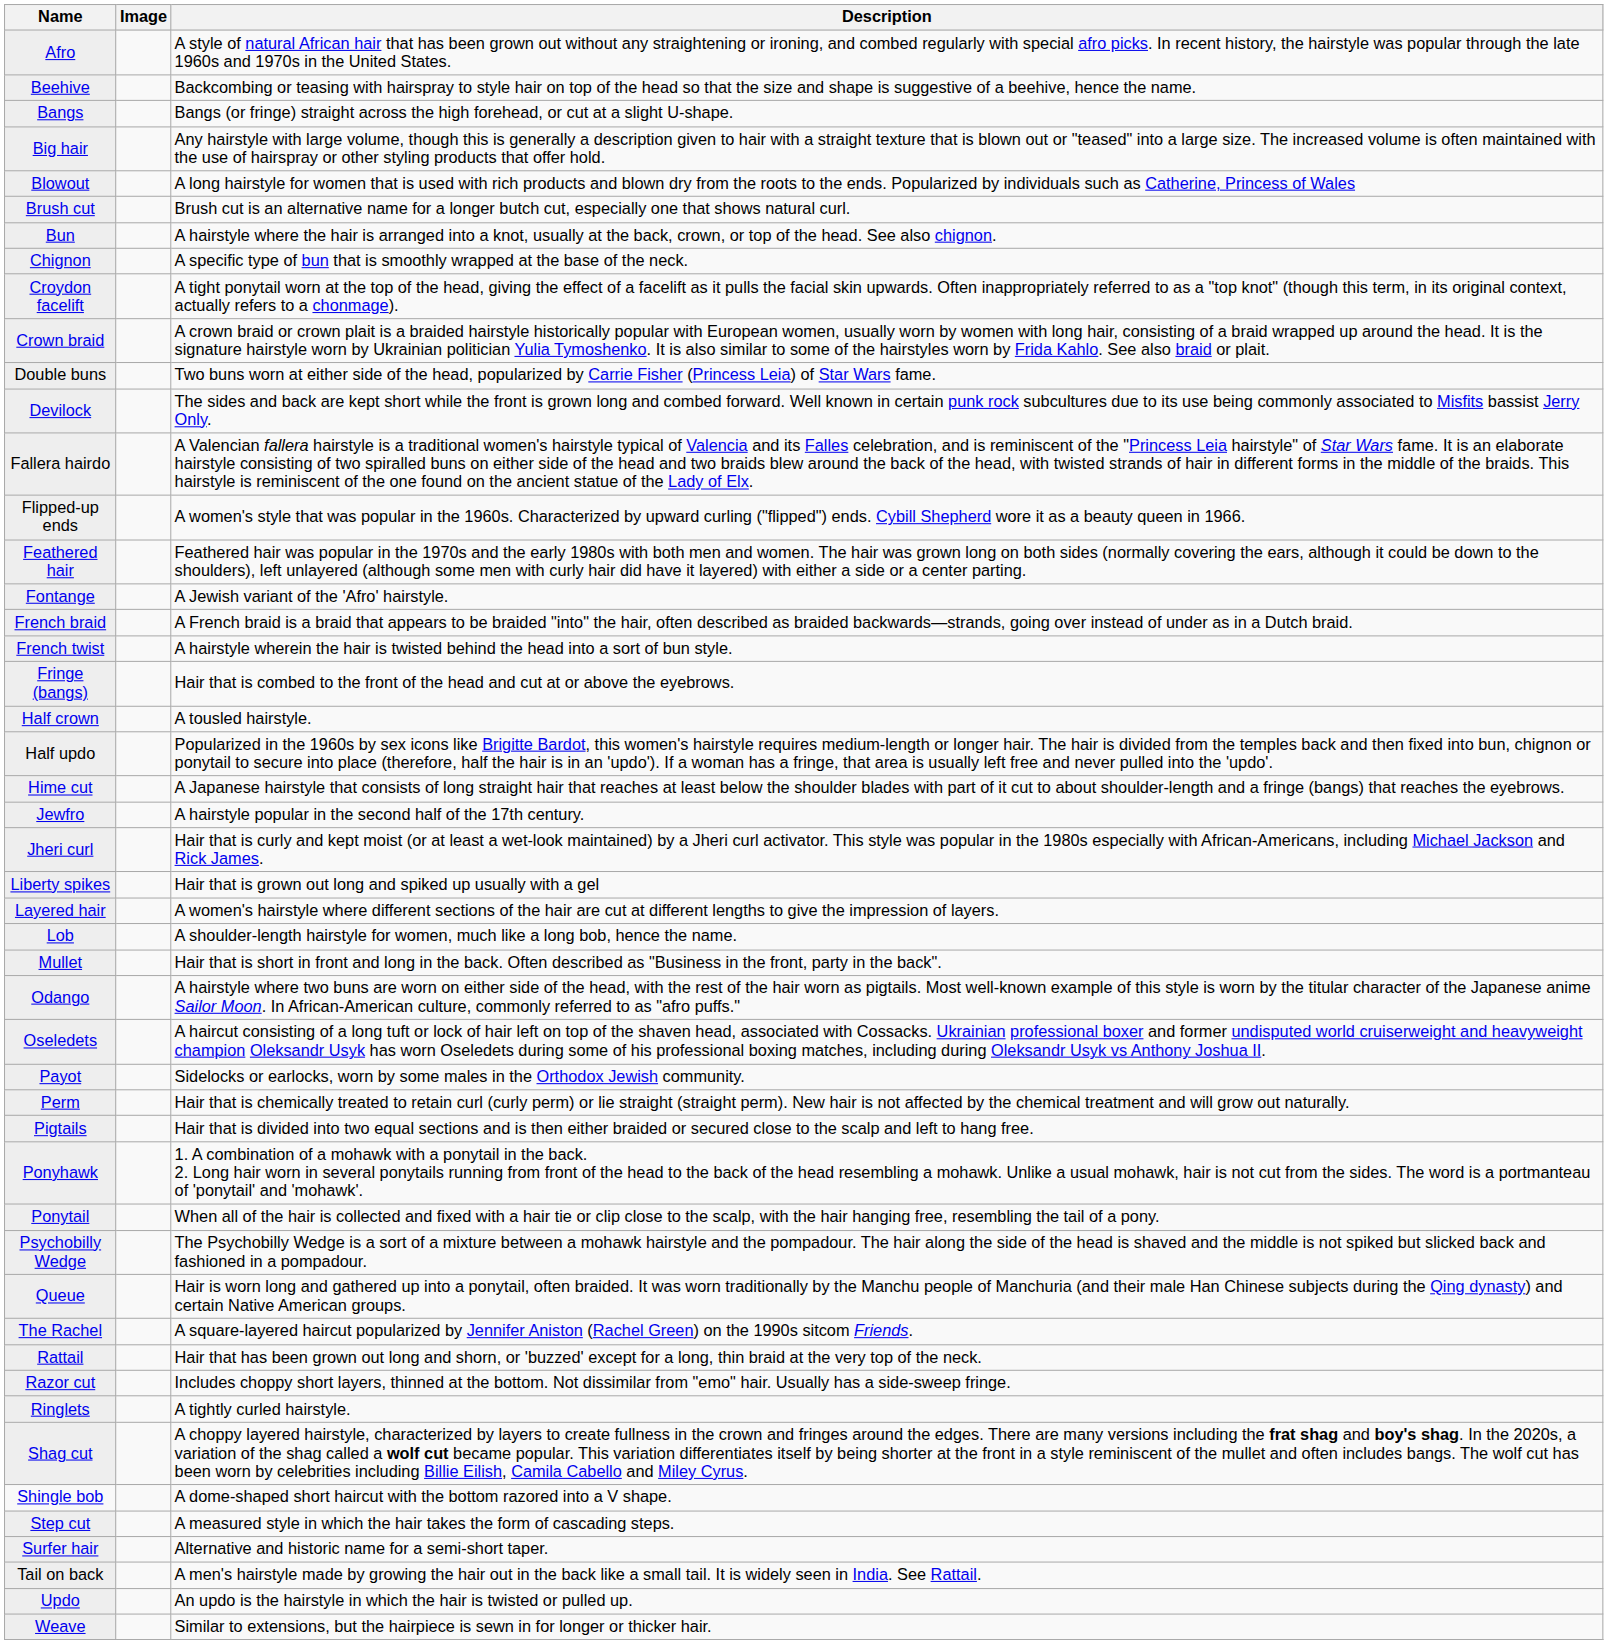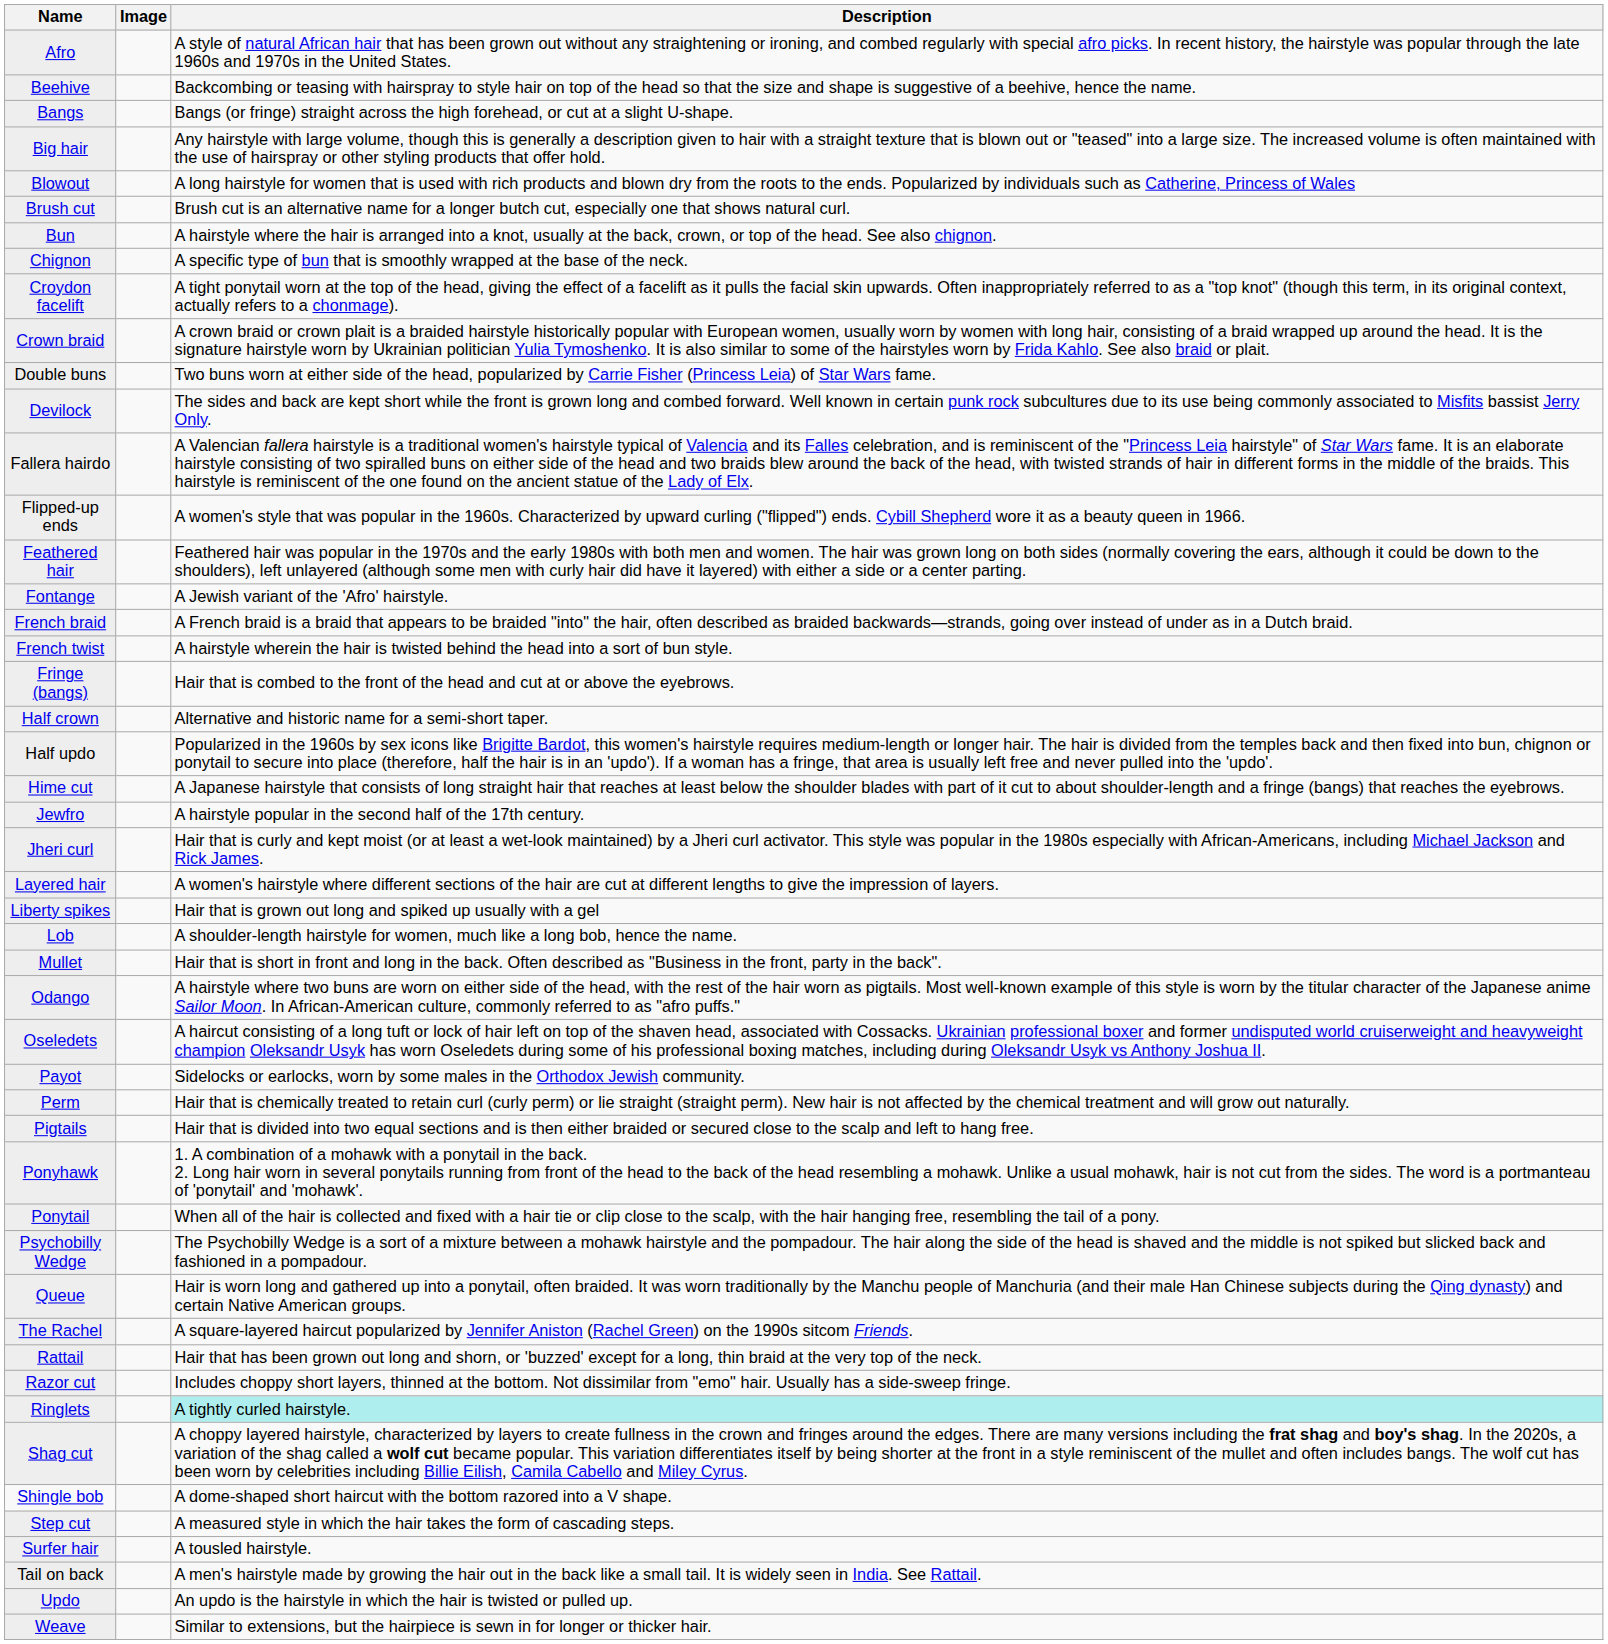 <table class="wikitable" style="text-align: center">
 <tr style="background:#cccccc">
 <th>Name</th>
 <th>Image</th>
 <th>Description</th>
 </tr>
 <tr>
 <td style="background:#eeeeee"><a href='#'>Afro</a></td>
 <td></td>
 <td align=left>A style of <a href='#'>natural African hair</a> that has been grown out without any straightening or ironing, and combed regularly with special <a href='#'>afro picks</a>. In recent history, the hairstyle was popular through the late 1960s and 1970s in the United States.</td>
 </tr>
 <tr>
 <td style="background:#eeeeee"><a href='#'>Beehive</a></td>
 <td></td>
 <td align=left>Backcombing or teasing with hairspray to style hair on top of the head so that the size and shape is suggestive of a beehive, hence the name.</td>
 </tr>
 <tr>
 <td style="background:#eeeeee"><a href='#'>Bangs</a></td>
 <td></td>
 <td align=left>Bangs (or fringe) straight across the high forehead, or cut at a slight U-shape.</td>
 </tr>
 <tr>
 <td style="background:#eeeeee"><a href='#'>Big hair</a></td>
 <td></td>
 <td align=left>Any hairstyle with large volume, though this is generally a description given to hair with a straight texture that is blown out or "teased" into a large size. The increased volume is often maintained with the use of hairspray or other styling products that offer hold.</td>
 </tr>
 <tr>
 <td style="background:#eeeeee"><a href='#'>Blowout</a></td>
 <td></td>
 <td align=left>A long hairstyle for women that is used with rich products and blown dry from the roots to the ends. Popularized by individuals such as <a href='#'>Catherine, Princess of Wales</a></td>
 </tr>
 <tr>
 <td style="background:#eeeeee"><a href='#'>Brush cut</a></td>
 <td></td>
 <td align=left>Brush cut is an alternative name for a longer butch cut, especially one that shows natural curl.</td>
 </tr>
 <tr>
 <td style="background:#eeeeee"><a href='#'>Bun</a></td>
 <td></td>
 <td align=left>A hairstyle where the hair is arranged into a knot, usually at the back, crown, or top of the head. See also <a href='#'>chignon</a>.</td>
 </tr>
 <tr>
 <td style="background:#eeeeee"><a href='#'>Chignon</a></td>
 <td></td>
 <td align=left>A specific type of <a href='#'>bun</a> that is smoothly wrapped at the base of the neck.</td>
 </tr>
 <tr>
 <td style="background:#eeeeee"><a href='#'>Croydon facelift</a></td>
 <td></td>
 <td align=left>A tight ponytail worn at the top of the head, giving the effect of a facelift as it pulls the facial skin upwards. Often inappropriately referred to as a "top knot" (though this term, in its original context, actually refers to a <a href='#'>chonmage</a>).</td>
 </tr>
 <tr id="Crown braid">
 <td style="background:#eeeeee"><a href='#'>Crown braid</a></td>
 <td></td>
 <td align=left>A crown braid or crown plait is a braided hairstyle historically popular with European women, usually worn by women with long hair, consisting of a braid wrapped up around the head. It is the signature hairstyle worn by Ukrainian politician <a href='#'>Yulia Tymoshenko</a>. It is also similar to some of the hairstyles worn by <a href='#'>Frida Kahlo</a>. See also <a href='#'>braid</a> or plait.</td>
 </tr>
 <tr>
 <td style="background:#eeeeee">Double buns</td>
 <td></td>
 <td align=left>Two buns worn at either side of the head, popularized by <a href='#'>Carrie Fisher</a> (<a href='#'>Princess Leia</a>) of <a href='#'>Star Wars</a> fame.</td>
 </tr>
 <tr>
 <td style="background:#eeeeee"><a href='#'>Devilock</a></td>
 <td></td>
 <td align=left>The sides and back are kept short while the front is grown long and combed forward. Well known in certain <a href='#'>punk rock</a> subcultures due to its use being commonly associated to <a href='#'>Misfits</a> bassist <a href='#'>Jerry Only</a>.</td>
 </tr>
 <tr>
 <td style="background:#eeeeee">  Fallera hairdo</td>
 <td></td>
 <td align=left>A Valencian <em>fallera</em> hairstyle is a traditional women's hairstyle typical of <a href='#'>Valencia</a> and its <a href='#'>Falles</a> celebration, and is reminiscent of the "<a href='#'>Princess Leia</a> hairstyle" of <em><a href='#'>Star Wars</a></em> fame. It is an elaborate hairstyle consisting of two spiralled buns on either side of the head and two braids blew around the back of the head, with twisted strands of hair in different forms in the middle of the braids. This hairstyle is reminiscent of the one found on the ancient statue of the <a href='#'>Lady of Elx</a>.</td>
 </tr>
 <tr>
 <td style="background:#eeeeee">Flipped-up ends</td>
 <td></td>
 <td align=left>A women's style that was popular in the 1960s. Characterized by upward curling ("flipped") ends. <a href='#'>Cybill Shepherd</a> wore it as a beauty queen in 1966.</td>
 </tr>
 <tr>
 <td style="background:#eeeeee"><a href='#'>Feathered hair</a></td>
 <td></td>
 <td align="left">Feathered hair was popular in the 1970s and the early 1980s with both men and women. The hair was grown long on both sides (normally covering the ears, although it could be down to the shoulders), left unlayered (although some men with curly hair did have it layered) with either a side or a center parting.</td>
 </tr>
 <tr>
 <td style="background:#eeeeee"><a href='#'>Fontange</a></td>
 <td></td>
 <td align=left>A Jewish variant of the 'Afro' hairstyle.</td>
 </tr>
 <tr>
 <td style="background:#eeeeee"><a href='#'>French braid</a></td>
 <td></td>
 <td align=left>A French braid is a braid that appears to be braided "into" the hair, often described as braided backwards—strands, going over instead of under as in a Dutch braid.</td>
 </tr>
 <tr>
 <td style="background:#eeeeee"><a href='#'>French twist</a></td>
 <td></td>
 <td align=left>A hairstyle wherein the hair is twisted behind the head into a sort of bun style.</td>
 </tr>
 <tr>
 <td style="background:#eeeeee"><a href='#'>Fringe (bangs)</a></td>
 <td></td>
 <td align=left>Hair that is combed to the front of the head and cut at or above the eyebrows.</td>
 </tr>
 <tr>
 <td style="background:#eeeeee"><a href='#'>Half crown</a></td>
 <td></td>
-<td align=left>A tousled hairstyle.</td>
+<td align=left>Alternative and historic name for a semi-short taper.</td>
 </tr>
 <tr>
 <td style="background:#eeeeee">Half updo</td>
 <td></td>
 <td align=left>Popularized in the 1960s by sex icons like <a href='#'>Brigitte Bardot</a>, this women's hairstyle requires medium-length or longer hair. The hair is divided from the temples back and then fixed into bun, chignon or ponytail to secure into place (therefore, half the hair is in an 'updo'). If a woman has a fringe, that area is usually left free and never pulled into the 'updo'.</td>
 </tr>
 <tr>
 <td style="background:#eeeeee"><a href='#'>Hime cut</a></td>
 <td></td>
 <td align=left>A Japanese hairstyle that consists of long straight hair that reaches at least below the shoulder blades with part of it cut to about shoulder-length and a fringe (bangs) that reaches the eyebrows.</td>
 </tr>
 <tr>
 <td style="background:#eeeeee"><a href='#'>Jewfro</a></td>
 <td></td>
 <td align=left>A hairstyle popular in the second half of the 17th century.</td>
 </tr>
 <tr>
 <td style="background:#eeeeee"><a href='#'>Jheri curl</a></td>
 <td></td>
 <td align="left">Hair that is curly and kept moist (or at least a wet-look maintained) by a Jheri curl activator. This style was popular in the 1980s especially with African-Americans, including <a href='#'>Michael Jackson</a> and <a href='#'>Rick James</a>.</td>
 </tr>
 <tr>
+<td style="background:#eeeeee"><a href='#'>Layered hair</a></td>
+<td></td>
+<td align=left>A women's hairstyle where different sections of the hair are cut at different lengths to give the impression of layers.</td>
+</tr>
+<tr>
 <td style="background:#eeeeee"><a href='#'>Liberty spikes</a></td>
 <td></td>
 <td align=left>Hair that is grown out long and spiked up usually with a gel</td>
-</tr>
-<tr>
-<td style="background:#eeeeee"><a href='#'>Layered hair</a></td>
-<td></td>
-<td align=left>A women's hairstyle where different sections of the hair are cut at different lengths to give the impression of layers.</td>
 </tr>
 <tr>
 <td style="background:#eeeeee"><a href='#'>Lob</a></td>
 <td></td>
 <td align=left>A shoulder-length hairstyle for women, much like a long bob, hence the name.</td>
 </tr>
 <tr>
 <td style="background:#eeeeee"><a href='#'>Mullet</a></td>
 <td></td>
 <td align=left>Hair that is short in front and long in the back. Often described as "Business in the front, party in the back".</td>
 </tr>
 <tr>
 <td style="background:#eeeeee"><a href='#'>Odango</a></td>
 <td></td>
 <td align=left>A hairstyle where two buns are worn on either side of the head, with the rest of the hair worn as pigtails. Most well-known example of this style is worn by the titular character of the Japanese anime <em><a href='#'>Sailor Moon</a></em>. In African-American culture, commonly referred to as "afro puffs."</td>
 </tr>
 <tr>
 <td style="background:#eeeeee"><a href='#'>Oseledets</a></td>
 <td></td>
 <td align=left>A haircut consisting of a long tuft or lock of hair left on top of the shaven head, associated with Cossacks. <a href='#'>Ukrainian</a> <a href='#'>professional boxer</a> and former <a href='#'>undisputed world cruiserweight and heavyweight champion</a> <a href='#'>Oleksandr Usyk</a> has worn Oseledets during some of his professional boxing matches, including during <a href='#'>Oleksandr Usyk vs Anthony Joshua II</a>.</td>
 </tr>
 <tr>
 <td style="background:#eeeeee"><a href='#'>Payot</a></td>
 <td></td>
 <td align=left>Sidelocks or earlocks, worn by some males in the <a href='#'>Orthodox Jewish</a> community.</td>
 </tr>
 <tr>
 <td style="background:#eeeeee"><a href='#'>Perm</a></td>
 <td></td>
 <td align=left>Hair that is chemically treated to retain curl (curly perm) or lie straight (straight perm). New hair is not affected by the chemical treatment and will grow out naturally.</td>
 </tr>
 <tr>
 <td style="background:#eeeeee"><a href='#'>Pigtails</a></td>
 <td></td>
 <td align=left>Hair that is divided into two equal sections and is then either braided or secured close to the scalp and left to hang free.</td>
 </tr>
 <tr>
 <td style="background:#eeeeee"><a href='#'>Ponyhawk</a></td>
 <td></td>
 <td align=left>1. A combination of a mohawk with a ponytail in the back.<br>2. Long hair worn in several ponytails running from front of the head to the back of the head resembling a mohawk. Unlike a usual mohawk, hair is not cut from the sides. The word is a portmanteau of 'ponytail' and 'mohawk'.</td>
 </tr>
 <tr>
 <td style="background:#eeeeee"><a href='#'>Ponytail</a></td>
 <td></td>
 <td align=left>When all of the hair is collected and fixed with a hair tie or clip close to the scalp, with the hair hanging free, resembling the tail of a pony.</td>
 </tr>
 <tr>
 <td style="background:#eeeeee"><a href='#'>Psychobilly Wedge</a></td>
 <td></td>
 <td align=left>The Psychobilly Wedge is a sort of a mixture between a mohawk hairstyle and the pompadour. The hair along the side of the head is shaved and the middle is not spiked but slicked back and fashioned in a pompadour.</td>
 </tr>
 <tr>
 <td style="background:#eeeeee"><a href='#'>Queue</a></td>
 <td></td>
 <td align=left>Hair is worn long and gathered up into a ponytail, often braided. It was worn traditionally by the Manchu people of Manchuria (and their male Han Chinese subjects during the <a href='#'>Qing dynasty</a>) and certain Native American groups.</td>
 </tr>
 <tr>
 <td style="background:#eeeeee"><a href='#'>The Rachel</a></td>
 <td></td>
 <td align=left>A square-layered haircut popularized by <a href='#'>Jennifer Aniston</a> (<a href='#'>Rachel Green</a>) on the 1990s sitcom <em><a href='#'>Friends</a></em>.</td>
 </tr>
 <tr>
 <td style="background:#eeeeee"><a href='#'>Rattail</a></td>
 <td></td>
 <td align=left>Hair that has been grown out long and shorn, or 'buzzed' except for a long, thin braid at the very top of the neck.</td>
 </tr>
 <tr>
 <td style="background:#eeeeee"><a href='#'>Razor cut</a></td>
 <td></td>
 <td align=left>Includes choppy short layers, thinned at the bottom. Not dissimilar from "emo" hair. Usually has a side-sweep fringe.</td>
 </tr>
 <tr>
 <td style="background:#eeeeee"><a href='#'>Ringlets</a></td>
 <td></td>
-<td align="left">A tightly curled hairstyle.</td>
+<td align="left" style="background: paleturquoise;">A tightly curled hairstyle.</td>
 </tr>
 <tr>
 <td style="background:#eeeeee"><a href='#'>Shag cut</a></td>
 <td></td>
 <td align=left>A choppy layered hairstyle, characterized by layers to create fullness in the crown and fringes around the edges. There are many versions including the <strong>frat shag</strong> and <strong>boy's shag</strong>. In the 2020s, a variation of the shag called a <strong>wolf cut</strong> became popular. This variation differentiates itself by being shorter at the front in a style reminiscent of the mullet and often includes bangs. The wolf cut has been worn by celebrities including <a href='#'>Billie Eilish</a>, <a href='#'>Camila Cabello</a> and <a href='#'>Miley Cyrus</a>.</td>
 </tr>
 <tr>
 <td style="bFile:Shingle bob, Louise Brooks.jpg"><a href='#'>Shingle bob</a></td>
 <td></td>
 <td align=left>A dome-shaped short haircut with the bottom razored into a V shape.</td>
 </tr>
 <tr>
 <td style="background:#eeeeee"><a href='#'>Step cut</a></td>
 <td></td>
 <td align=left>A measured style in which the hair takes the form of cascading steps.</td>
 </tr>
 <tr>
 <td style="background:#eeeeee"><a href='#'>Surfer hair</a></td>
 <td></td>
-<td align=left>Alternative and historic name for a semi-short taper.</td>
+<td align=left>A tousled hairstyle.</td>
 </tr>
 <tr>
 <td style="background:#eeeeee">Tail on back</td>
 <td></td>
 <td align=left>A men's hairstyle made by growing the hair out in the back like a small tail. It is widely seen in <a href='#'>India</a>. See <a href='#'>Rattail</a>.</td>
 </tr>
 <tr>
 <td style="background:#eeeeee"><a href='#'>Updo</a></td>
 <td></td>
 <td align=left>An updo is the hairstyle in which the hair is twisted or pulled up.</td>
 </tr>
 <tr>
 <td style="background:#eeeeee"><a href='#'>Weave</a></td>
 <td></td>
 <td align=left>Similar to extensions, but the hairpiece is sewn in for longer or thicker hair.</td>
 </tr>
 <tr>
 </tr>
 </table>
